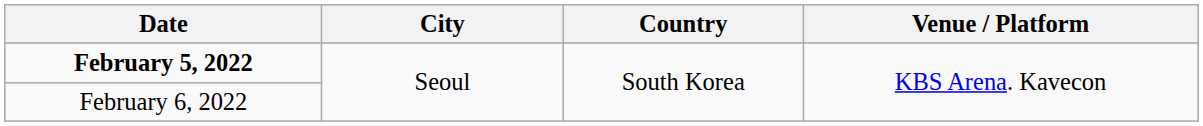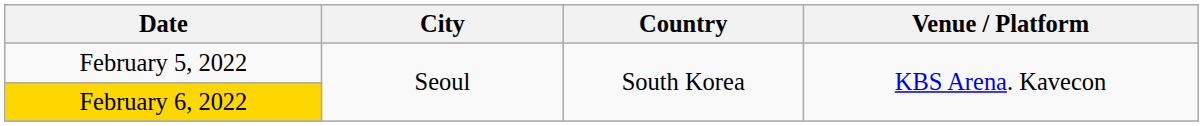 <table class="wikitable" style="text-align:center">
 <tr>
 <th style="width:200px">Date</th>
 <th style="width:150px">City</th>
 <th style="width:150px">Country</th>
 <th style="width:250px">Venue / Platform</th>
 </tr>
 <tr>
-<td><strong>February 5, 2022</strong></td>
+<td>February 5, 2022</td>
 <td rowspan="2">Seoul</td>
 <td rowspan="2">South Korea</td>
 <td rowspan="2"><a href='#'>KBS Arena</a>. Kavecon</td>
 </tr>
 <tr>
-<td>February 6, 2022</td>
+<td style="background: gold;">February 6, 2022</td>
 </tr>
 </table>
